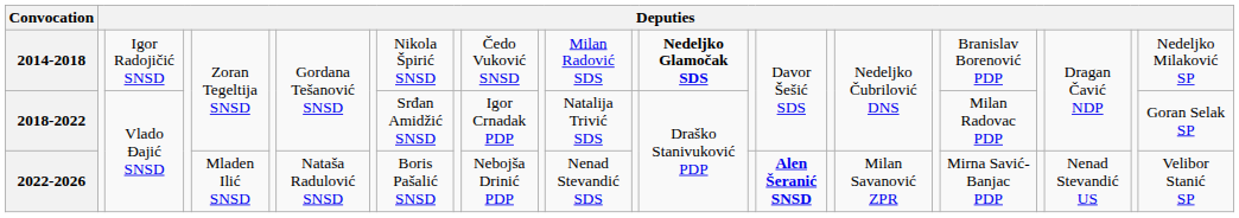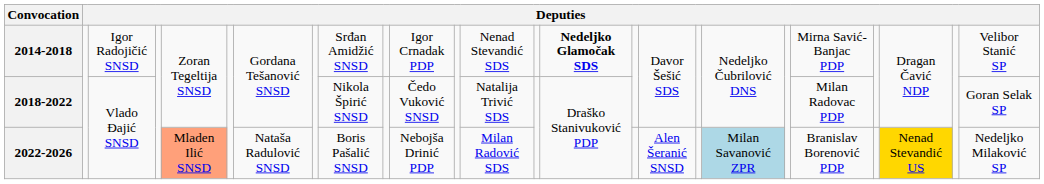 <table class="wikitable" style="text-align:center">
 <tr>
 <th>Convocation</th>
 <th colspan=24>Deputies</th>
 </tr>
 <tr>
 <th>2014-2018</th>
 <td rowspan=3; style="background-color: "></td>
 <td>Igor Radojičić<br><a href='#'>SNSD</a></td>
 <td rowspan=3; style="background-color: "></td>
 <td rowspan=2>Zoran Tegeltija<br><a href='#'>SNSD</a></td>
 <td rowspan=3; style="background-color: "></td>
 <td rowspan=2>Gordana Tešanović<br><a href='#'>SNSD</a></td>
 <td rowspan=3; style="background-color: "></td>
-<td>Nikola Špirić<br><a href='#'>SNSD</a></td>
+<td>Srđan Amidžić<br><a href='#'>SNSD</a></td>
 <td rowspan=1; style="background-color: "></td>
-<td>Čedo Vuković<br><a href='#'>SNSD</a></td>
+<td>Igor Crnadak<br><a href='#'>PDP</a></td>
 <td rowspan=3; style="background-color: "></td>
-<td><a href='#'>Milan Radović</a><br><a href='#'>SDS</a></td>
+<td>Nenad Stevandić<br><a href='#'>SDS</a></td>
 <td rowspan=1; style="background-color: "></td>
 <td><strong>Nedeljko Glamočak<br><a href='#'>SDS</a></strong></td>
 <td rowspan=2; style="background-color: "></td>
 <td rowspan=2>Davor Šešić<br><a href='#'>SDS</a></td>
 <td rowspan=2; style="background-color: "></td>
 <td rowspan=2>Nedeljko Čubrilović<br><a href='#'>DNS</a></td>
 <td rowspan=3; style="background-color: "></td>
-<td>Branislav Borenović<br><a href='#'>PDP</a></td>
+<td>Mirna Savić-Banjac<br><a href='#'>PDP</a></td>
 <td rowspan=2; style="background-color: "></td>
 <td rowspan=2>Dragan Čavić<br><a href='#'>NDP</a></td>
 <td rowspan=3; style="background-color: "></td>
-<td>Nedeljko Milaković<br><a href='#'>SP</a></td>
+<td>Velibor Stanić<br><a href='#'>SP</a></td>
 </tr>
 <tr>
 <th>2018-2022</th>
 <td rowspan=2>Vlado Đajić<br><a href='#'>SNSD</a></td>
-<td>Srđan Amidžić<br><a href='#'>SNSD</a></td>
+<td>Nikola Špirić<br><a href='#'>SNSD</a></td>
 <td rowspan=2; style="background-color: "></td>
-<td>Igor Crnadak<br><a href='#'>PDP</a></td>
+<td>Čedo Vuković<br><a href='#'>SNSD</a></td>
 <td>Natalija Trivić<br><a href='#'>SDS</a></td>
 <td rowspan=2; style="background-color: "></td>
 <td rowspan=2>Draško Stanivuković<br><a href='#'>PDP</a></td>
 <td>Milan Radovac<br><a href='#'>PDP</a></td>
 <td>Goran Selak<br><a href='#'>SP</a></td>
 </tr>
 <tr>
 <th>2022-2026</th>
-<td>Mladen Ilić<br><a href='#'>SNSD</a></td>
+<td style="background: lightsalmon;">Mladen Ilić<br><a href='#'>SNSD</a></td>
 <td>Nataša Radulović<br><a href='#'>SNSD</a></td>
 <td>Boris Pašalić<br><a href='#'>SNSD</a></td>
 <td>Nebojša Drinić<br><a href='#'>PDP</a></td>
-<td>Nenad Stevandić<br><a href='#'>SDS</a></td>
+<td><a href='#'>Milan Radović</a><br><a href='#'>SDS</a></td>
 <td rowspan=1; style="background-color: "></td>
-<td><strong><a href='#'>Alen Šeranić</a><br><a href='#'>SNSD</a></strong></td>
+<td><a href='#'>Alen Šeranić</a><br><a href='#'>SNSD</a></td>
 <td rowspan=1; style="background-color: "></td>
-<td>Milan Savanović<br><a href='#'>ZPR</a></td>
-<td>Mirna Savić-Banjac<br><a href='#'>PDP</a></td>
+<td style="background: lightblue;">Milan Savanović<br><a href='#'>ZPR</a></td>
+<td>Branislav Borenović<br><a href='#'>PDP</a></td>
 <td rowspan=1; style="background-color: "></td>
-<td>Nenad Stevandić<br><a href='#'>US</a></td>
-<td>Velibor Stanić<br><a href='#'>SP</a></td>
+<td style="background: gold;">Nenad Stevandić<br><a href='#'>US</a></td>
+<td>Nedeljko Milaković<br><a href='#'>SP</a></td>
 </tr>
 </table>
